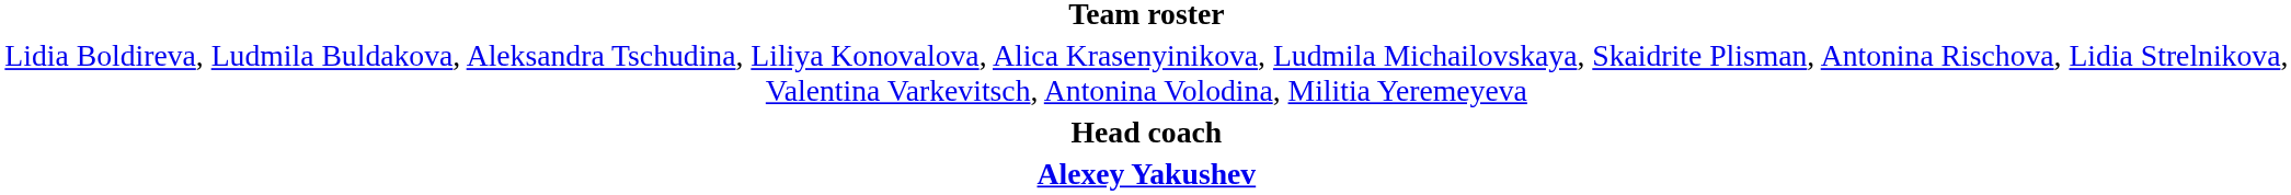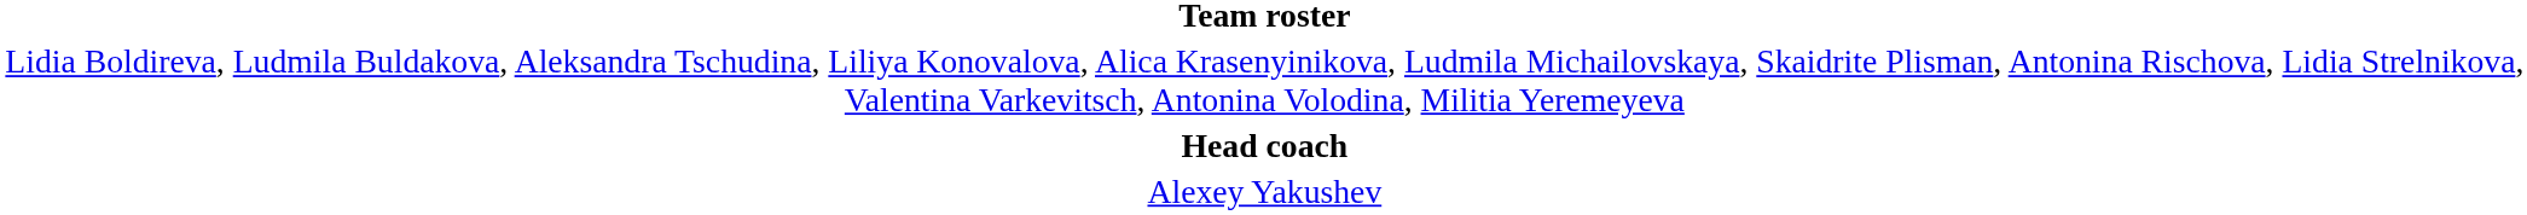 <table style="text-align: center; margin-top: 2em; margin-left: auto; margin-right: auto">
 <tr>
 <td><strong>Team roster</strong></td>
 </tr>
 <tr>
 <td><a href='#'>Lidia Boldireva</a>, <a href='#'>Ludmila Buldakova</a>, <a href='#'>Aleksandra Tschudina</a>, <a href='#'>Liliya Konovalova</a>, <a href='#'>Alica Krasenyinikova</a>, <a href='#'>Ludmila Michailovskaya</a>, <a href='#'>Skaidrite Plisman</a>, <a href='#'>Antonina Rischova</a>, <a href='#'>Lidia Strelnikova</a>, <a href='#'>Valentina Varkevitsch</a>, <a href='#'>Antonina Volodina</a>, <a href='#'>Militia Yeremeyeva</a></td>
 </tr>
 <tr>
 <td><strong>Head coach</strong></td>
 </tr>
 <tr>
-<td><strong><a href='#'>Alexey Yakushev</a></strong></td>
+<td><a href='#'>Alexey Yakushev</a></td>
 </tr>
 <tr>
 </tr>
 </table>
